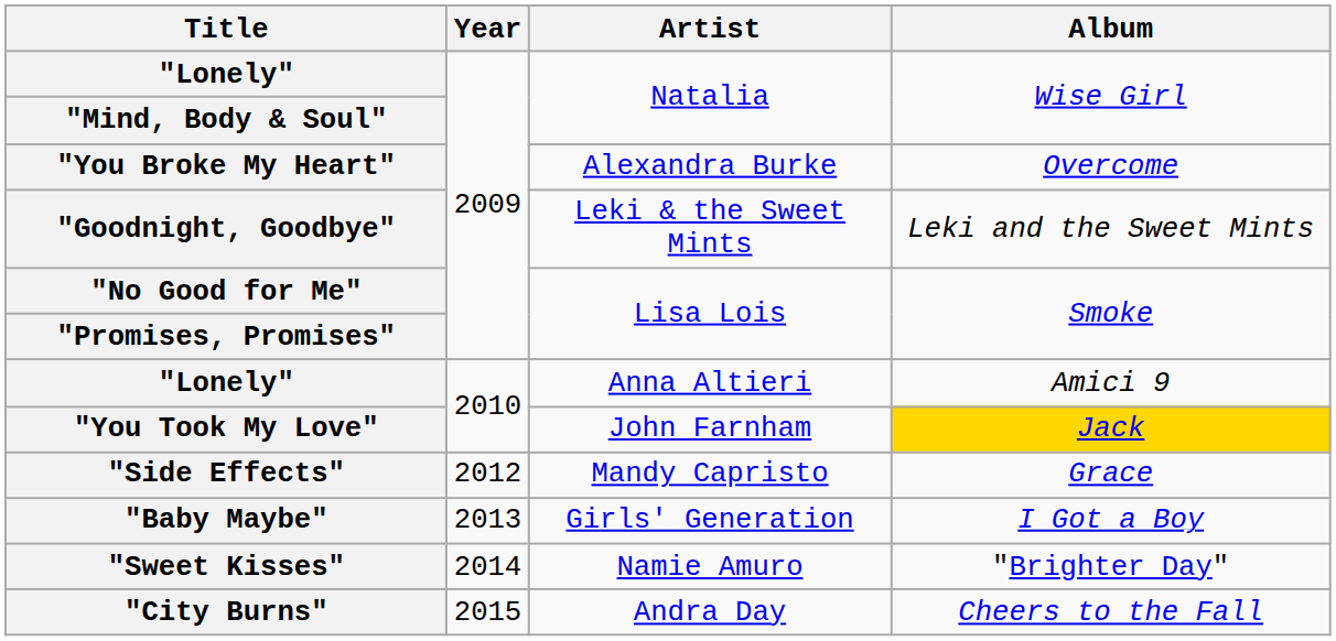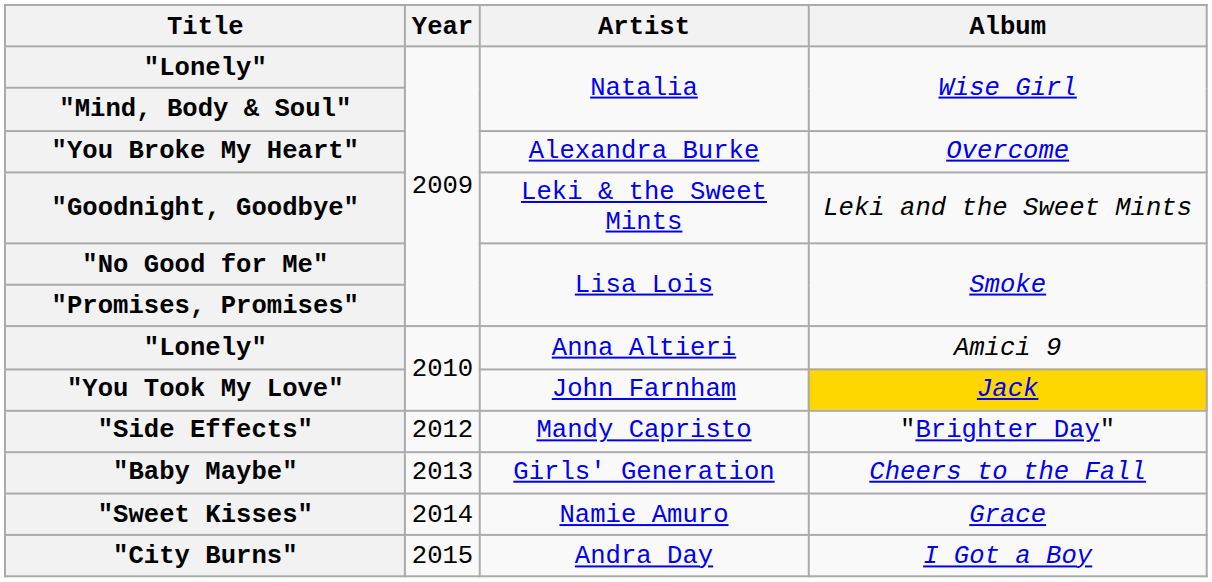 <table class="wikitable plainrowheaders" style="text-align:center">
 <tr>
 <th scope="col" style="width:16em;">Title</th>
 <th scope="col" style="width:1em;">Year</th>
 <th scope="col" style="width:13em;">Artist</th>
 <th scope="col" style="width:16em;">Album</th>
 </tr>
 <tr>
 <th scope="row">"Lonely"</th>
 <td rowspan="6">2009</td>
 <td rowspan="2"><a href='#'>Natalia</a></td>
 <td rowspan="2"><em><a href='#'>Wise Girl</a></em></td>
 </tr>
 <tr>
 <th scope="row">"Mind, Body & Soul"</th>
 </tr>
 <tr>
 <th scope="row">"You Broke My Heart"</th>
 <td><a href='#'>Alexandra Burke</a></td>
 <td><em><a href='#'>Overcome</a></em></td>
 </tr>
 <tr>
 <th scope="row">"Goodnight, Goodbye"</th>
 <td><a href='#'>Leki & the Sweet Mints</a></td>
 <td><em>Leki and the Sweet Mints</em></td>
 </tr>
 <tr>
 <th scope="row">"No Good for Me"</th>
 <td rowspan="2"><a href='#'>Lisa Lois</a></td>
 <td rowspan="2"><em><a href='#'>Smoke</a></em></td>
 </tr>
 <tr>
 <th scope="row">"Promises, Promises"</th>
 </tr>
 <tr>
 <th scope="row">"Lonely"</th>
 <td rowspan="2">2010</td>
 <td><a href='#'>Anna Altieri</a></td>
 <td><em>Amici 9</em></td>
 </tr>
 <tr>
 <th scope="row">"You Took My Love"</th>
 <td><a href='#'>John Farnham</a></td>
 <td style="background: gold;"><em><a href='#'>Jack</a></em></td>
 </tr>
 <tr>
 <th scope="row">"Side Effects"</th>
 <td>2012</td>
 <td><a href='#'>Mandy Capristo</a></td>
-<td><em><a href='#'>Grace</a></em></td>
+<td>"<a href='#'>Brighter Day</a>" </td>
 </tr>
 <tr>
 <th scope="row">"Baby Maybe"</th>
 <td>2013</td>
 <td><a href='#'>Girls' Generation</a></td>
-<td><em><a href='#'>I Got a Boy</a></em></td>
+<td><em><a href='#'>Cheers to the Fall</a></em></td>
 </tr>
 <tr>
 <th scope="row">"Sweet Kisses"</th>
 <td>2014</td>
 <td><a href='#'>Namie Amuro</a></td>
-<td>"<a href='#'>Brighter Day</a>" </td>
+<td><em><a href='#'>Grace</a></em></td>
 </tr>
 <tr>
 <th scope="row">"City Burns"</th>
 <td>2015</td>
 <td><a href='#'>Andra Day</a></td>
-<td><em><a href='#'>Cheers to the Fall</a></em></td>
+<td><em><a href='#'>I Got a Boy</a></em></td>
 </tr>
 </table>
